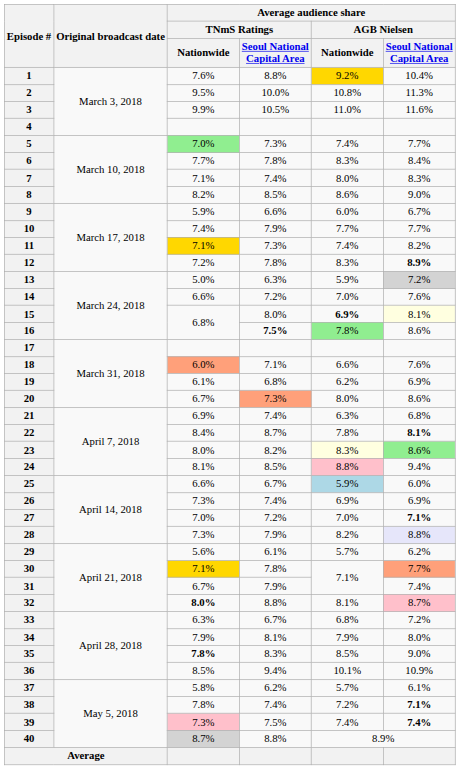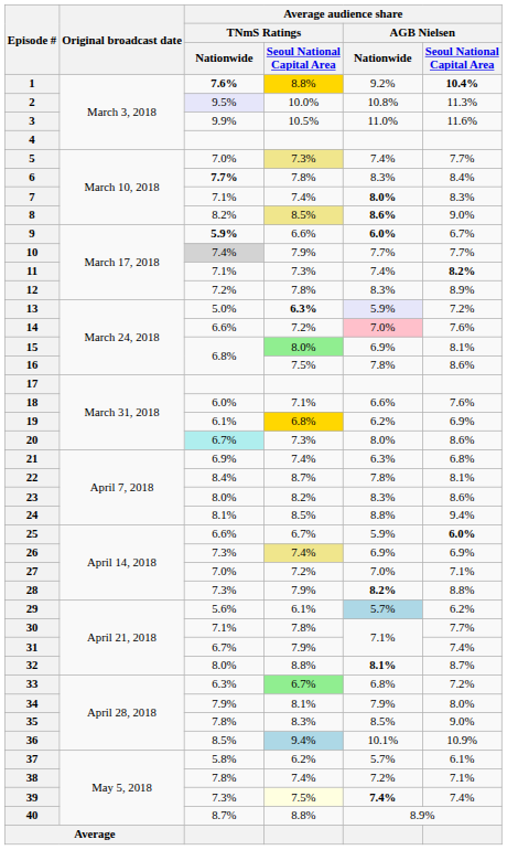 <table class="wikitable" style="text-align:center">
 <tr>
 <th rowspan="3">Episode #</th>
 <th rowspan="3">Original broadcast date</th>
 <th colspan="4">Average audience share</th>
 </tr>
 <tr>
 <th colspan="2">TNmS Ratings</th>
 <th colspan="2">AGB Nielsen</th>
 </tr>
 <tr>
 <th width=100>Nationwide</th>
 <th width=100><a href='#'>Seoul National Capital Area</a></th>
 <th width=100>Nationwide</th>
 <th width=100><a href='#'>Seoul National Capital Area</a></th>
 </tr>
 <tr>
 <th>1</th>
 <td rowspan="4">March 3, 2018</td>
-<td>7.6% </td>
-<td>8.8%</td>
-<td style="background: gold;">9.2% </td>
-<td>10.4% </td>
+<td><strong>7.6% </strong></td>
+<td style="background: gold;">8.8%</td>
+<td>9.2% </td>
+<td><strong>10.4% </strong></td>
 </tr>
 <tr>
 <th>2</th>
-<td>9.5% </td>
+<td style="background: lavender;">9.5% </td>
 <td>10.0%</td>
 <td>10.8% </td>
 <td>11.3%</td>
 </tr>
 <tr>
 <th>3</th>
 <td>9.9% </td>
 <td>10.5%</td>
 <td>11.0% </td>
 <td>11.6% </td>
 </tr>
 <tr>
 <th>4</th>
 <td> </td>
 <td></td>
 <td> </td>
 <td> </td>
 </tr>
 <tr>
 <th>5</th>
 <td rowspan="4">March 10, 2018</td>
-<td style="background: lightgreen;">7.0% </td>
-<td>7.3%</td>
+<td>7.0% </td>
+<td style="background: khaki;">7.3%</td>
 <td>7.4% </td>
 <td>7.7% </td>
 </tr>
 <tr>
 <th>6</th>
-<td>7.7% </td>
+<td><strong>7.7% </strong></td>
 <td>7.8%</td>
 <td>8.3% </td>
 <td>8.4% </td>
 </tr>
 <tr>
 <th>7</th>
 <td>7.1% </td>
 <td>7.4%</td>
-<td>8.0% </td>
+<td><strong>8.0% </strong></td>
 <td>8.3% </td>
 </tr>
 <tr>
 <th>8</th>
 <td>8.2% </td>
-<td>8.5%</td>
-<td>8.6% </td>
+<td style="background: khaki;">8.5%</td>
+<td><strong>8.6% </strong></td>
 <td>9.0% </td>
 </tr>
 <tr>
 <th>9</th>
 <td rowspan="4">March 17, 2018</td>
-<td>5.9% </td>
+<td><strong>5.9% </strong></td>
 <td>6.6%</td>
-<td>6.0% </td>
+<td><strong>6.0% </strong></td>
 <td>6.7% </td>
 </tr>
 <tr>
 <th>10</th>
-<td>7.4% </td>
+<td style="background: lightgrey;">7.4% </td>
 <td>7.9%</td>
 <td>7.7% </td>
 <td>7.7% </td>
 </tr>
 <tr>
 <th>11</th>
-<td style="background: gold;">7.1% </td>
+<td>7.1% </td>
 <td>7.3%</td>
 <td>7.4% </td>
-<td>8.2% </td>
+<td><strong>8.2% </strong></td>
 </tr>
 <tr>
 <th>12</th>
 <td>7.2% </td>
 <td>7.8%</td>
 <td>8.3% </td>
-<td><strong>8.9% </strong></td>
+<td>8.9% </td>
 </tr>
 <tr>
 <th>13</th>
 <td rowspan="4">March 24, 2018</td>
 <td>5.0% </td>
-<td>6.3%</td>
-<td>5.9% </td>
-<td style="background: lightgrey;">7.2% </td>
+<td><strong>6.3%</strong></td>
+<td style="background: lavender;">5.9% </td>
+<td>7.2% </td>
 </tr>
 <tr>
 <th>14</th>
 <td>6.6% </td>
 <td>7.2%</td>
-<td>7.0% </td>
+<td style="background: pink;">7.0% </td>
 <td>7.6% </td>
 </tr>
 <tr>
 <th>15</th>
 <td rowspan="2">6.8% </td>
-<td>8.0%</td>
-<td><strong>6.9% </strong></td>
-<td style="background: lightyellow;">8.1% </td>
+<td style="background: lightgreen;">8.0%</td>
+<td>6.9% </td>
+<td>8.1% </td>
 </tr>
 <tr>
 <th>16</th>
-<td><strong>7.5%</strong></td>
-<td style="background: lightgreen;">7.8% </td>
+<td>7.5%</td>
+<td>7.8% </td>
 <td>8.6% </td>
 </tr>
 <tr>
 <th>17</th>
 <td rowspan="4">March 31, 2018</td>
 <td> </td>
 <td></td>
 <td> </td>
 <td> </td>
 </tr>
 <tr>
 <th>18</th>
-<td style="background: lightsalmon;">6.0% </td>
+<td>6.0% </td>
 <td>7.1%</td>
 <td>6.6% </td>
 <td>7.6% </td>
 </tr>
 <tr>
 <th>19</th>
 <td>6.1% </td>
-<td>6.8%</td>
+<td style="background: gold;">6.8%</td>
 <td>6.2% </td>
 <td>6.9% </td>
 </tr>
 <tr>
 <th>20</th>
-<td>6.7% </td>
-<td style="background: lightsalmon;">7.3%</td>
+<td style="background: paleturquoise;">6.7% </td>
+<td>7.3%</td>
 <td>8.0% </td>
 <td>8.6% </td>
 </tr>
 <tr>
 <th>21</th>
 <td rowspan="4">April 7, 2018</td>
 <td>6.9% </td>
 <td>7.4%</td>
 <td>6.3% </td>
 <td>6.8% </td>
 </tr>
 <tr>
 <th>22</th>
 <td>8.4% </td>
 <td>8.7%</td>
 <td>7.8% </td>
-<td><strong>8.1% </strong></td>
+<td>8.1% </td>
 </tr>
 <tr>
 <th>23</th>
 <td>8.0% </td>
 <td>8.2%</td>
-<td style="background: lightyellow;">8.3% </td>
-<td style="background: lightgreen;">8.6% </td>
+<td>8.3% </td>
+<td>8.6% </td>
 </tr>
 <tr>
 <th>24</th>
 <td>8.1% </td>
 <td>8.5%</td>
-<td style="background: pink;">8.8% </td>
+<td>8.8% </td>
 <td>9.4% </td>
 </tr>
 <tr>
 <th>25</th>
 <td rowspan="4">April 14, 2018</td>
 <td>6.6% </td>
 <td>6.7%</td>
-<td style="background: lightblue;">5.9% </td>
-<td>6.0% </td>
+<td>5.9% </td>
+<td><strong>6.0% </strong></td>
 </tr>
 <tr>
 <th>26</th>
 <td>7.3% </td>
-<td>7.4%</td>
+<td style="background: khaki;">7.4%</td>
 <td>6.9% </td>
 <td>6.9% </td>
 </tr>
 <tr>
 <th>27</th>
 <td>7.0% </td>
 <td>7.2%</td>
 <td>7.0% </td>
-<td><strong>7.1% </strong></td>
+<td>7.1% </td>
 </tr>
 <tr>
 <th>28</th>
 <td>7.3% </td>
 <td>7.9%</td>
-<td>8.2% </td>
-<td style="background: lavender;">8.8% </td>
+<td><strong>8.2% </strong></td>
+<td>8.8% </td>
 </tr>
 <tr>
 <th>29</th>
 <td rowspan="4">April 21, 2018</td>
 <td>5.6% </td>
 <td>6.1%</td>
-<td>5.7% </td>
+<td style="background: lightblue;">5.7% </td>
 <td>6.2% </td>
 </tr>
 <tr>
 <th>30</th>
-<td style="background: gold;">7.1% </td>
+<td>7.1% </td>
 <td>7.8%</td>
 <td rowspan="2">7.1% </td>
-<td style="background: lightsalmon;">7.7% </td>
+<td>7.7% </td>
 </tr>
 <tr>
 <th>31</th>
 <td>6.7% </td>
 <td>7.9%</td>
 <td>7.4% </td>
 </tr>
 <tr>
 <th>32</th>
-<td><strong>8.0% </strong></td>
+<td>8.0% </td>
 <td>8.8%</td>
-<td>8.1% </td>
-<td style="background: pink;">8.7% </td>
+<td><strong>8.1% </strong></td>
+<td>8.7% </td>
 </tr>
 <tr>
 <th>33</th>
 <td rowspan="4">April 28, 2018</td>
 <td>6.3% </td>
-<td>6.7%</td>
+<td style="background: lightgreen;">6.7%</td>
 <td>6.8% </td>
 <td>7.2% </td>
 </tr>
 <tr>
 <th>34</th>
 <td>7.9% </td>
 <td>8.1%</td>
 <td>7.9% </td>
 <td>8.0% </td>
 </tr>
 <tr>
 <th>35</th>
-<td><strong>7.8% </strong></td>
+<td>7.8% </td>
 <td>8.3%</td>
 <td>8.5% </td>
 <td>9.0% </td>
 </tr>
 <tr>
 <th>36</th>
 <td>8.5% </td>
-<td>9.4%</td>
+<td style="background: lightblue;">9.4%</td>
 <td>10.1% </td>
 <td>10.9% </td>
 </tr>
 <tr>
 <th>37</th>
 <td rowspan="4">May 5, 2018</td>
 <td>5.8% </td>
 <td>6.2%</td>
 <td>5.7% </td>
 <td>6.1% </td>
 </tr>
 <tr>
 <th>38</th>
 <td>7.8% </td>
 <td>7.4%</td>
 <td>7.2% </td>
-<td><strong>7.1% </strong></td>
+<td>7.1% </td>
 </tr>
 <tr>
 <th>39</th>
-<td style="background: pink;">7.3% </td>
-<td>7.5%</td>
+<td>7.3% </td>
+<td style="background: lightyellow;">7.5%</td>
+<td><strong>7.4% </strong></td>
 <td>7.4% </td>
-<td><strong>7.4% </strong></td>
 </tr>
 <tr>
 <th>40</th>
-<td style="background: lightgrey;">8.7% </td>
+<td>8.7% </td>
 <td>8.8%</td>
 <td colspan="2">8.9% </td>
 </tr>
 <tr>
 <th colspan="2">Average</th>
 <th></th>
 <th></th>
 <th></th>
 <th></th>
 </tr>
 </table>
